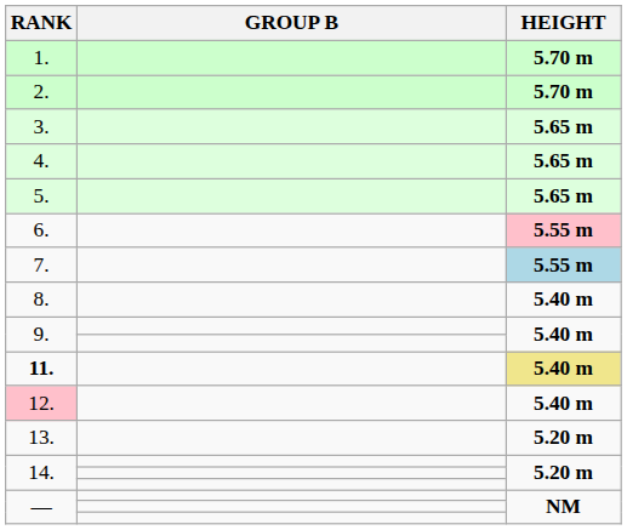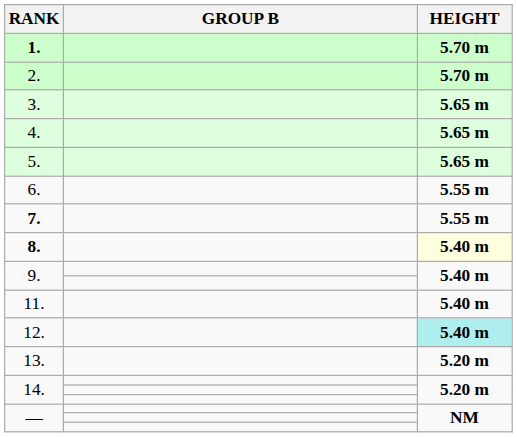 <table class="wikitable" style="border-collapse: collapse; font-size: 90%;">
 <tr>
 <th>RANK</th>
 <th style="width: 20em">GROUP B</th>
 <th style="width: 5em">HEIGHT</th>
 </tr>
 <tr style="background:#ccffcc;">
-<td align="center">1.</td>
+<td align="center"><strong>1.</strong></td>
 <td></td>
 <td align="center"><strong>5.70 m</strong></td>
 </tr>
 <tr style="background:#ccffcc;">
 <td align="center">2.</td>
 <td></td>
 <td align="center"><strong>5.70 m</strong></td>
 </tr>
 <tr style="background:#ddffdd;">
 <td align="center">3.</td>
 <td></td>
 <td align="center"><strong>5.65 m</strong></td>
 </tr>
 <tr style="background:#ddffdd;">
 <td align="center">4.</td>
 <td></td>
 <td align="center"><strong>5.65 m</strong></td>
 </tr>
 <tr style="background:#ddffdd;">
 <td align="center">5.</td>
 <td></td>
 <td align="center"><strong>5.65 m</strong></td>
 </tr>
 <tr>
 <td align="center">6.</td>
 <td></td>
-<td align="center" style="background: pink;"><strong>5.55 m</strong></td>
+<td align="center"><strong>5.55 m</strong></td>
 </tr>
 <tr>
-<td align="center">7.</td>
+<td align="center"><strong>7.</strong></td>
 <td></td>
-<td align="center" style="background: lightblue;"><strong>5.55 m</strong></td>
+<td align="center"><strong>5.55 m</strong></td>
 </tr>
 <tr>
-<td align="center">8.</td>
+<td align="center"><strong>8.</strong></td>
 <td></td>
-<td align="center"><strong>5.40 m</strong></td>
+<td align="center" style="background: lightyellow;"><strong>5.40 m</strong></td>
 </tr>
 <tr>
 <td rowspan=2 align="center">9.</td>
 <td></td>
 <td rowspan=2 align="center"><strong>5.40 m</strong></td>
 </tr>
 <tr>
 <td></td>
 </tr>
 <tr>
-<td align="center"><strong>11.</strong></td>
+<td align="center">11.</td>
 <td></td>
-<td align="center" style="background: khaki;"><strong>5.40 m</strong></td>
+<td align="center"><strong>5.40 m</strong></td>
 </tr>
 <tr>
-<td align="center" style="background: pink;">12.</td>
+<td align="center">12.</td>
 <td></td>
-<td align="center"><strong>5.40 m</strong></td>
+<td align="center" style="background: paleturquoise;"><strong>5.40 m</strong></td>
 </tr>
 <tr>
 <td align="center">13.</td>
 <td></td>
 <td align="center"><strong>5.20 m</strong></td>
 </tr>
 <tr>
 <td rowspan=3 align="center">14.</td>
 <td></td>
 <td rowspan=3 align="center"><strong>5.20 m</strong></td>
 </tr>
 <tr>
 <td></td>
 </tr>
 <tr>
 <td></td>
 </tr>
 <tr>
 <td rowspan=3 align="center">—</td>
 <td></td>
 <td rowspan=3 align="center"><strong>NM</strong></td>
 </tr>
 <tr>
 <td></td>
 </tr>
 <tr>
 <td></td>
 </tr>
 </table>
